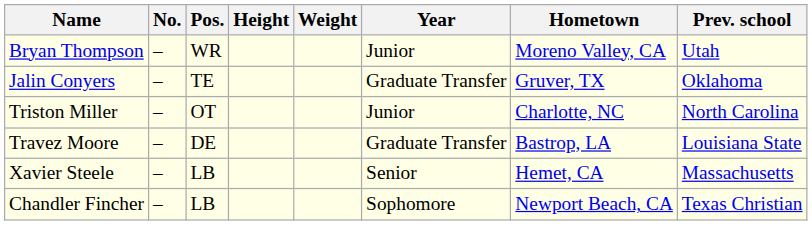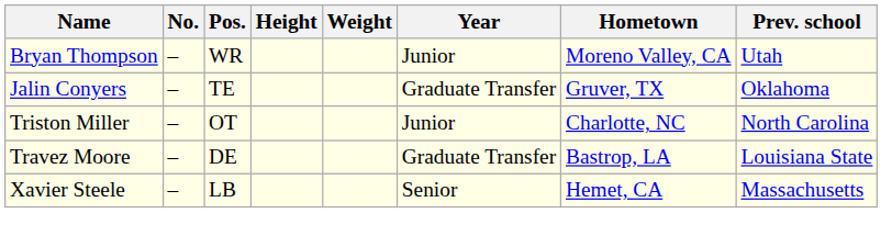 <table class="wikitable sortable">
 <tr>
 <th>Name</th>
 <th>No.</th>
 <th>Pos.</th>
 <th>Height</th>
 <th>Weight</th>
 <th>Year</th>
 <th>Hometown</th>
 <th class="unsortable">Prev. school</th>
 </tr>
 <tr style="background:#FFFFE6;">
 <td><a href='#'>Bryan Thompson</a></td>
 <td>–</td>
 <td>WR</td>
 <td></td>
 <td></td>
 <td>Junior</td>
 <td><a href='#'>Moreno Valley, CA</a></td>
 <td><a href='#'>Utah</a></td>
 </tr>
 <tr style="background:#FFFFE6;">
 <td><a href='#'>Jalin Conyers</a></td>
 <td>–</td>
 <td>TE</td>
 <td></td>
 <td></td>
 <td>Graduate Transfer</td>
 <td><a href='#'>Gruver, TX</a></td>
 <td><a href='#'>Oklahoma</a></td>
 </tr>
 <tr style="background:#FFFFE6;">
 <td>Triston Miller</td>
 <td>–</td>
 <td>OT</td>
 <td></td>
 <td></td>
 <td>Junior</td>
 <td><a href='#'>Charlotte, NC</a></td>
 <td><a href='#'>North Carolina</a></td>
 </tr>
 <tr style="background:#FFFFE6;">
 <td>Travez Moore</td>
 <td>–</td>
 <td>DE</td>
 <td></td>
 <td></td>
 <td>Graduate Transfer</td>
 <td><a href='#'>Bastrop, LA</a></td>
 <td><a href='#'>Louisiana State</a></td>
 </tr>
 <tr style="background:#FFFFE6;">
 <td>Xavier Steele</td>
 <td>–</td>
 <td>LB</td>
 <td></td>
 <td></td>
 <td>Senior</td>
 <td><a href='#'>Hemet, CA</a></td>
 <td><a href='#'>Massachusetts</a></td>
 </tr>
-<tr style="background:#FFFFE6;">
-<td>Chandler Fincher</td>
-<td>–</td>
-<td>LB</td>
-<td></td>
-<td></td>
-<td>Sophomore</td>
-<td><a href='#'>Newport Beach, CA</a></td>
-<td><a href='#'>Texas Christian</a></td>
-</tr>
 </table>
